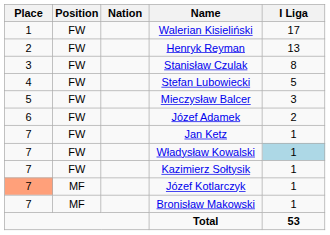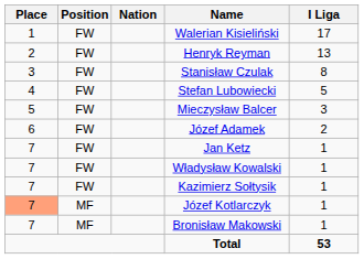 <table class="wikitable" style="font-size: 95%; text-align: center;">
 <tr>
 <th width=60>Place</th>
 <th width=60>Position</th>
 <th width=60>Nation</th>
 <th width=150>Name</th>
 <th width=80>I Liga</th>
 </tr>
 <tr>
 <td>1</td>
 <td>FW</td>
 <td></td>
 <td><a href='#'>Walerian Kisieliński</a></td>
 <td>17</td>
 </tr>
 <tr>
 <td>2</td>
 <td>FW</td>
 <td></td>
 <td><a href='#'>Henryk Reyman</a></td>
 <td>13</td>
 </tr>
 <tr>
 <td>3</td>
 <td>FW</td>
 <td></td>
 <td><a href='#'>Stanisław Czulak</a></td>
 <td>8</td>
 </tr>
 <tr>
 <td>4</td>
 <td>FW</td>
 <td></td>
 <td><a href='#'>Stefan Lubowiecki</a></td>
 <td>5</td>
 </tr>
 <tr>
 <td>5</td>
 <td>FW</td>
 <td></td>
 <td><a href='#'>Mieczysław Balcer</a></td>
 <td>3</td>
 </tr>
 <tr>
 <td>6</td>
 <td>FW</td>
 <td></td>
 <td><a href='#'>Józef Adamek</a></td>
 <td>2</td>
 </tr>
 <tr>
 <td>7</td>
 <td>FW</td>
 <td></td>
 <td><a href='#'>Jan Ketz</a></td>
 <td>1</td>
 </tr>
 <tr>
 <td>7</td>
 <td>FW</td>
 <td></td>
 <td><a href='#'>Władysław Kowalski</a></td>
-<td style="background: lightblue;">1</td>
+<td>1</td>
 </tr>
 <tr>
 <td>7</td>
 <td>FW</td>
 <td></td>
 <td><a href='#'>Kazimierz Sołtysik</a></td>
 <td>1</td>
 </tr>
 <tr>
 <td style="background: lightsalmon;">7</td>
 <td>MF</td>
 <td></td>
 <td><a href='#'>Józef Kotlarczyk</a></td>
 <td>1</td>
 </tr>
 <tr>
 <td>7</td>
 <td>MF</td>
 <td></td>
 <td><a href='#'>Bronisław Makowski</a></td>
 <td>1</td>
 </tr>
 <tr>
 <td colspan="3"></td>
 <td><strong>Total</strong></td>
 <td><strong>53</strong></td>
 </tr>
 </table>
